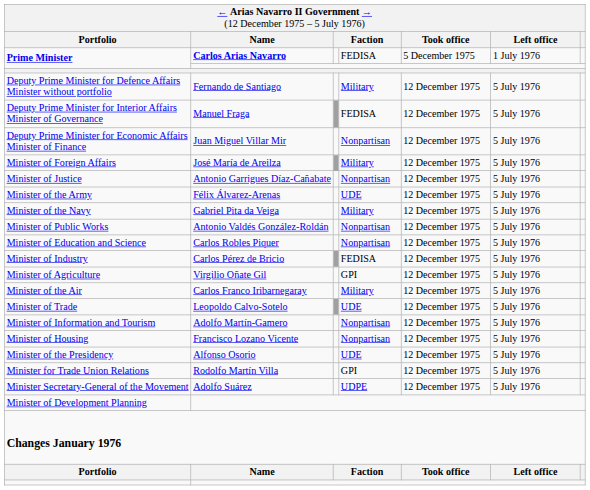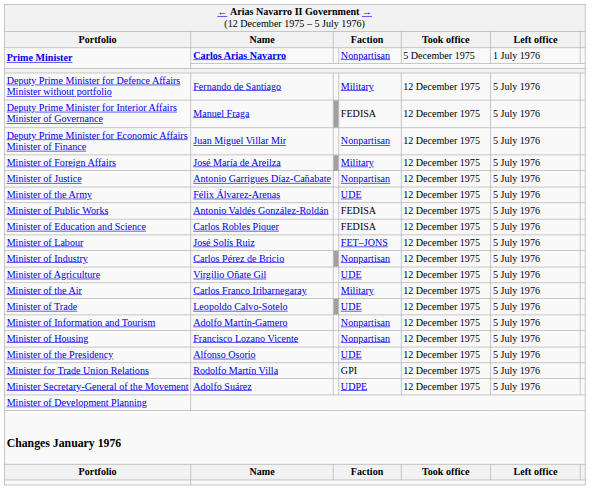 <table class="wikitable">
 <tr>
 <td colspan="7" bgcolor="#F2F2F2" align="center"><a href='#'>←</a> <strong>Arias Navarro II Government</strong> <a href='#'>→</a><br>(12 December 1975 – 5 July 1976)</td>
 </tr>
 <tr>
 <th>Portfolio</th>
 <th>Name</th>
 <th width="100px" colspan="2">Faction</th>
 <th width="135px">Took office</th>
 <th width="135px">Left office</th>
 <th></th>
 </tr>
 <tr>
 <td rowspan="2"><strong><a href='#'>Prime Minister</a></strong></td>
 <td><strong><a href='#'>Carlos Arias Navarro</a></strong></td>
 <td width="1" style="background-color:"></td>
-<td>FEDISA</td>
+<td><a href='#'>Nonpartisan</a></td>
 <td>5 December 1975</td>
 <td>1 July 1976</td>
 <td align="center"></td>
 </tr>
 <tr>
 <td colspan="6"></td>
 </tr>
 <tr>
 <th colspan="7"></th>
 </tr>
 <tr>
 <td><a href='#'>Deputy Prime Minister for Defence Affairs</a><br><a href='#'>Minister without portfolio</a></td>
 <td><a href='#'>Fernando de Santiago</a></td>
 <td style="background-color:"></td>
 <td><a href='#'>Military</a></td>
 <td>12 December 1975</td>
 <td>5 July 1976</td>
 <td align="center"><br></td>
 </tr>
 <tr>
 <td><a href='#'>Deputy Prime Minister for Interior Affairs</a><br><a href='#'>Minister of Governance</a></td>
 <td><a href='#'>Manuel Fraga</a></td>
 <td style="background-color:#A0A0A0;"></td>
 <td>FEDISA</td>
 <td>12 December 1975</td>
 <td>5 July 1976</td>
 <td align="center"><br></td>
 </tr>
 <tr>
 <td><a href='#'>Deputy Prime Minister for Economic Affairs</a><br><a href='#'>Minister of Finance</a></td>
 <td><a href='#'>Juan Miguel Villar Mir</a></td>
 <td style="background-color:"></td>
 <td><a href='#'>Nonpartisan</a></td>
 <td>12 December 1975</td>
 <td>5 July 1976</td>
 <td align="center"><br></td>
 </tr>
 <tr>
 <td><a href='#'>Minister of Foreign Affairs</a></td>
 <td><a href='#'>José María de Areilza</a></td>
 <td style="background-color:#A0A0A0;"></td>
 <td><a href='#'>Military</a></td>
 <td>12 December 1975</td>
 <td>5 July 1976</td>
 <td align="center"></td>
 </tr>
 <tr>
 <td><a href='#'>Minister of Justice</a></td>
 <td><a href='#'>Antonio Garrigues Díaz-Cañabate</a></td>
 <td style="background-color:"></td>
 <td><a href='#'>Nonpartisan</a></td>
 <td>12 December 1975</td>
 <td>5 July 1976</td>
 <td align="center"></td>
 </tr>
 <tr>
 <td><a href='#'>Minister of the Army</a></td>
 <td><a href='#'>Félix Álvarez-Arenas</a></td>
 <td style="background-color:"></td>
 <td><a href='#'>UDE</a></td>
 <td>12 December 1975</td>
 <td>5 July 1976</td>
 <td align="center"></td>
 </tr>
 <tr>
-<td><a href='#'>Minister of the Navy</a></td>
-<td><a href='#'>Gabriel Pita da Veiga</a></td>
-<td style="background-color:"></td>
-<td><a href='#'>Military</a></td>
-<td>12 December 1975</td>
-<td>5 July 1976</td>
-<td align="center"></td>
-</tr>
-<tr>
 <td><a href='#'>Minister of Public Works</a></td>
 <td><a href='#'>Antonio Valdés González-Roldán</a></td>
 <td style="background-color:"></td>
-<td><a href='#'>Nonpartisan</a></td>
+<td>FEDISA</td>
 <td>12 December 1975</td>
 <td>5 July 1976</td>
 <td align="center"></td>
 </tr>
 <tr>
 <td><a href='#'>Minister of Education and Science</a></td>
 <td><a href='#'>Carlos Robles Piquer</a></td>
 <td style="background-color:"></td>
-<td><a href='#'>Nonpartisan</a></td>
+<td>FEDISA</td>
+<td>12 December 1975</td>
+<td>5 July 1976</td>
+<td align="center"></td>
+</tr>
+<tr>
+<td><a href='#'>Minister of Labour</a></td>
+<td><a href='#'>José Solís Ruiz</a></td>
+<td style="background-color:"></td>
+<td><a href='#'>FET–JONS</a></td>
 <td>12 December 1975</td>
 <td>5 July 1976</td>
 <td align="center"></td>
 </tr>
 <tr>
 <td><a href='#'>Minister of Industry</a></td>
 <td><a href='#'>Carlos Pérez de Bricio</a></td>
 <td style="background-color:#A0A0A0;"></td>
-<td>FEDISA</td>
+<td><a href='#'>Nonpartisan</a></td>
 <td>12 December 1975</td>
 <td>5 July 1976</td>
 <td align="center"></td>
 </tr>
 <tr>
 <td><a href='#'>Minister of Agriculture</a></td>
 <td><a href='#'>Virgilio Oñate Gil</a></td>
 <td style="background-color:"></td>
-<td>GPI</td>
+<td><a href='#'>UDE</a></td>
 <td>12 December 1975</td>
 <td>5 July 1976</td>
 <td align="center"></td>
 </tr>
 <tr>
 <td><a href='#'>Minister of the Air</a></td>
 <td><a href='#'>Carlos Franco Iribarnegaray</a></td>
 <td style="background-color:"></td>
 <td><a href='#'>Military</a></td>
 <td>12 December 1975</td>
 <td>5 July 1976</td>
 <td align="center"></td>
 </tr>
 <tr>
 <td><a href='#'>Minister of Trade</a></td>
 <td><a href='#'>Leopoldo Calvo-Sotelo</a></td>
 <td style="background-color:#A0A0A0;"></td>
 <td><a href='#'>UDE</a></td>
 <td>12 December 1975</td>
 <td>5 July 1976</td>
 <td align="center"></td>
 </tr>
 <tr>
 <td><a href='#'>Minister of Information and Tourism</a></td>
 <td><a href='#'>Adolfo Martín-Gamero</a></td>
 <td style="background-color:"></td>
 <td><a href='#'>Nonpartisan</a></td>
 <td>12 December 1975</td>
 <td>5 July 1976</td>
 <td align="center"></td>
 </tr>
 <tr>
 <td><a href='#'>Minister of Housing</a></td>
 <td><a href='#'>Francisco Lozano Vicente</a></td>
 <td style="background-color:"></td>
 <td><a href='#'>Nonpartisan</a></td>
 <td>12 December 1975</td>
 <td>5 July 1976</td>
 <td align="center"></td>
 </tr>
 <tr>
 <td><a href='#'>Minister of the Presidency</a></td>
 <td><a href='#'>Alfonso Osorio</a></td>
 <td style="background-color:"></td>
 <td><a href='#'>UDE</a></td>
 <td>12 December 1975</td>
 <td>5 July 1976</td>
 <td align="center"></td>
 </tr>
 <tr>
 <td><a href='#'>Minister for Trade Union Relations</a></td>
 <td><a href='#'>Rodolfo Martín Villa</a></td>
 <td style="background-color:"></td>
 <td>GPI</td>
 <td>12 December 1975</td>
 <td>5 July 1976</td>
 <td align="center"></td>
 </tr>
 <tr>
 <td><a href='#'>Minister Secretary-General of the Movement</a></td>
 <td><a href='#'>Adolfo Suárez</a></td>
 <td style="background-color:"></td>
 <td><a href='#'>UDPE</a></td>
 <td>12 December 1975</td>
 <td>5 July 1976</td>
 <td align="center"></td>
 </tr>
 <tr>
 <td><a href='#'>Minister of Development Planning</a></td>
 <td colspan="6"></td>
 </tr>
 <tr>
 <td colspan="7"><br><h3>Changes January 1976</h3></td>
 </tr>
 <tr>
 <th>Portfolio</th>
 <th>Name</th>
 <th colspan="2">Faction</th>
 <th>Took office</th>
 <th>Left office</th>
 <th></th>
 </tr>
 <tr>
 <td></td>
 <td colspan="6"></td>
 </tr>
 </table>
